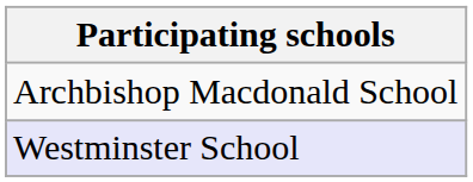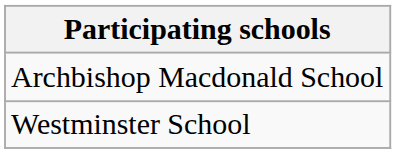 <table class="wikitable" align=right>
 <tr>
 <th>Participating schools</th>
 </tr>
 <tr>
 <td>Archbishop Macdonald School</td>
 </tr>
 <tr>
-<td style="background: lavender;">Westminster School</td>
+<td>Westminster School</td>
 </tr>
 </table>
